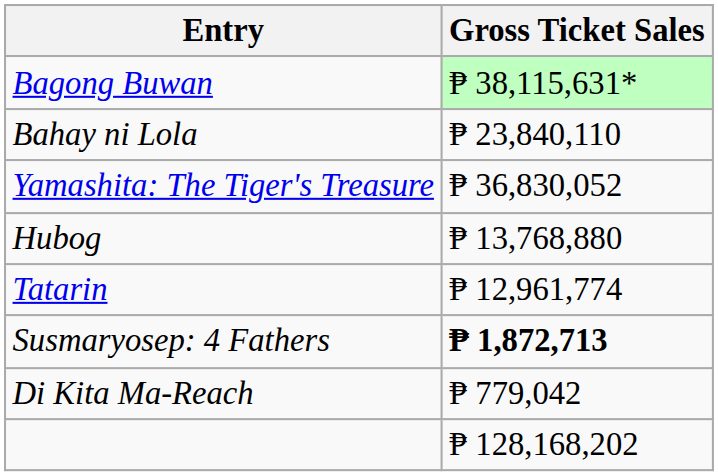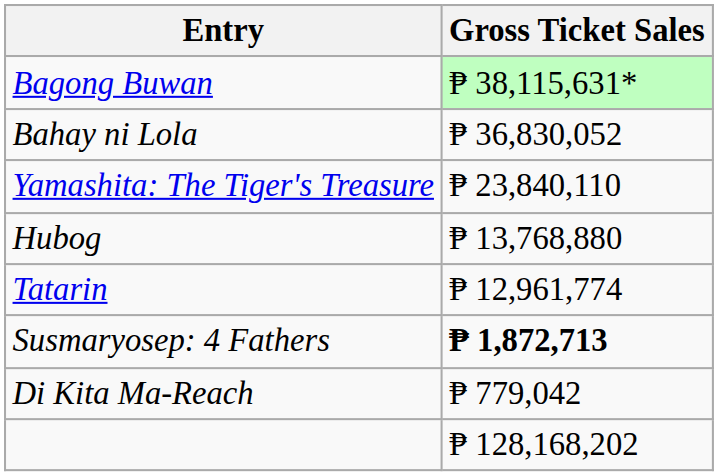 <table class="wikitable" style="text align: center">
 <tr bgcolor="#efefef">
 <th>Entry</th>
 <th>Gross Ticket Sales</th>
 </tr>
 <tr>
 <td><em><a href='#'>Bagong Buwan</a></em></td>
 <td style="background:#BFFFC0;">₱ 38,115,631*</td>
 </tr>
 <tr>
 <td><em>Bahay ni Lola</em></td>
-<td>₱ 23,840,110</td>
+<td>₱ 36,830,052</td>
 </tr>
 <tr>
 <td><em><a href='#'>Yamashita: The Tiger's Treasure</a></em></td>
-<td>₱ 36,830,052</td>
+<td>₱ 23,840,110</td>
 </tr>
 <tr>
 <td><em>Hubog</em></td>
 <td>₱ 13,768,880</td>
 </tr>
 <tr>
 <td><em><a href='#'>Tatarin</a></em></td>
 <td>₱ 12,961,774</td>
 </tr>
 <tr>
 <td><em>Susmaryosep: 4 Fathers</em></td>
 <td><strong>₱ 1,872,713</strong></td>
 </tr>
 <tr>
 <td><em>Di Kita Ma-Reach</em></td>
 <td>₱ 779,042</td>
 </tr>
 <tr>
 <td><strong></strong></td>
 <td>₱ 128,168,202</td>
 </tr>
 </table>
